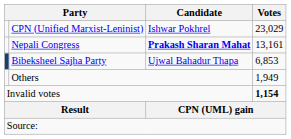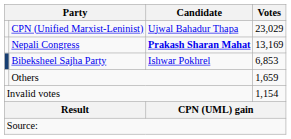 <table class="wikitable">
 <tr>
 <th colspan="2">Party</th>
 <th>Candidate</th>
 <th>Votes</th>
 </tr>
 <tr>
 <td style="background-color:"></td>
 <td><a href='#'>CPN (Unified Marxist-Leninist)</a></td>
-<td><a href='#'>Ishwar Pokhrel</a></td>
+<td><a href='#'>Ujwal Bahadur Thapa</a></td>
 <td>23,029</td>
 </tr>
 <tr>
 <td style="background-color:"></td>
 <td><a href='#'>Nepali Congress</a></td>
 <td><strong><a href='#'>Prakash Sharan Mahat</a></strong></td>
-<td>13,161</td>
+<td>13,169</td>
 </tr>
 <tr>
 <td style="background-color:#183F73"></td>
 <td><a href='#'>Bibeksheel Sajha Party</a></td>
-<td><a href='#'>Ujwal Bahadur Thapa</a></td>
+<td><a href='#'>Ishwar Pokhrel</a></td>
 <td>6,853</td>
 </tr>
 <tr>
 <td></td>
 <td colspan="2">Others</td>
-<td>1,949</td>
+<td>1,659</td>
 </tr>
 <tr>
 <td colspan="3">Invalid votes</td>
-<td><strong>1,154</strong></td>
+<td>1,154</td>
 </tr>
 <tr>
 <th colspan="2">Result</th>
 <th colspan="2">CPN (UML) gain</th>
 </tr>
 <tr>
 <td colspan="4">Source: </td>
 </tr>
 </table>
